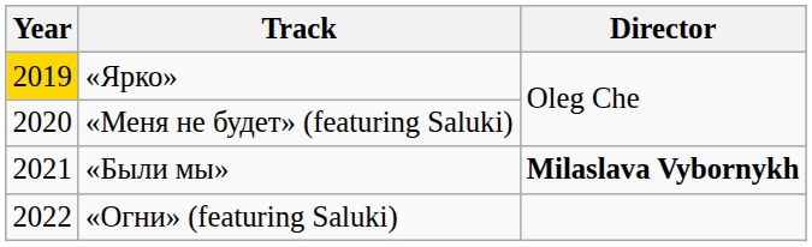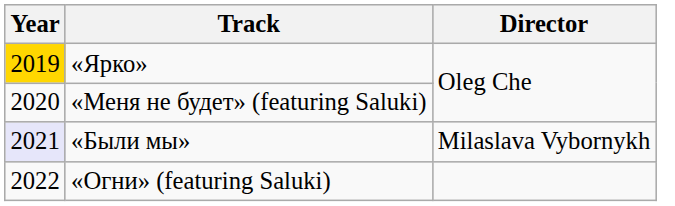 <table class="wikitable">
 <tr>
 <th>Year</th>
 <th>Track</th>
 <th>Director</th>
 </tr>
 <tr>
 <td rowspan="1" style="background: gold;">2019</td>
 <td>«Ярко»</td>
 <td rowspan="2">Oleg Che</td>
 </tr>
 <tr>
 <td>2020</td>
 <td>«Меня не будет» (featuring Saluki)</td>
 </tr>
 <tr>
-<td>2021</td>
+<td style="background: lavender;">2021</td>
 <td>«Были мы»</td>
-<td><strong>Milaslava Vybornykh</strong></td>
+<td>Milaslava Vybornykh</td>
 </tr>
 <tr>
 <td>2022</td>
 <td>«Огни» (featuring Saluki)</td>
 <td></td>
 </tr>
 </table>
